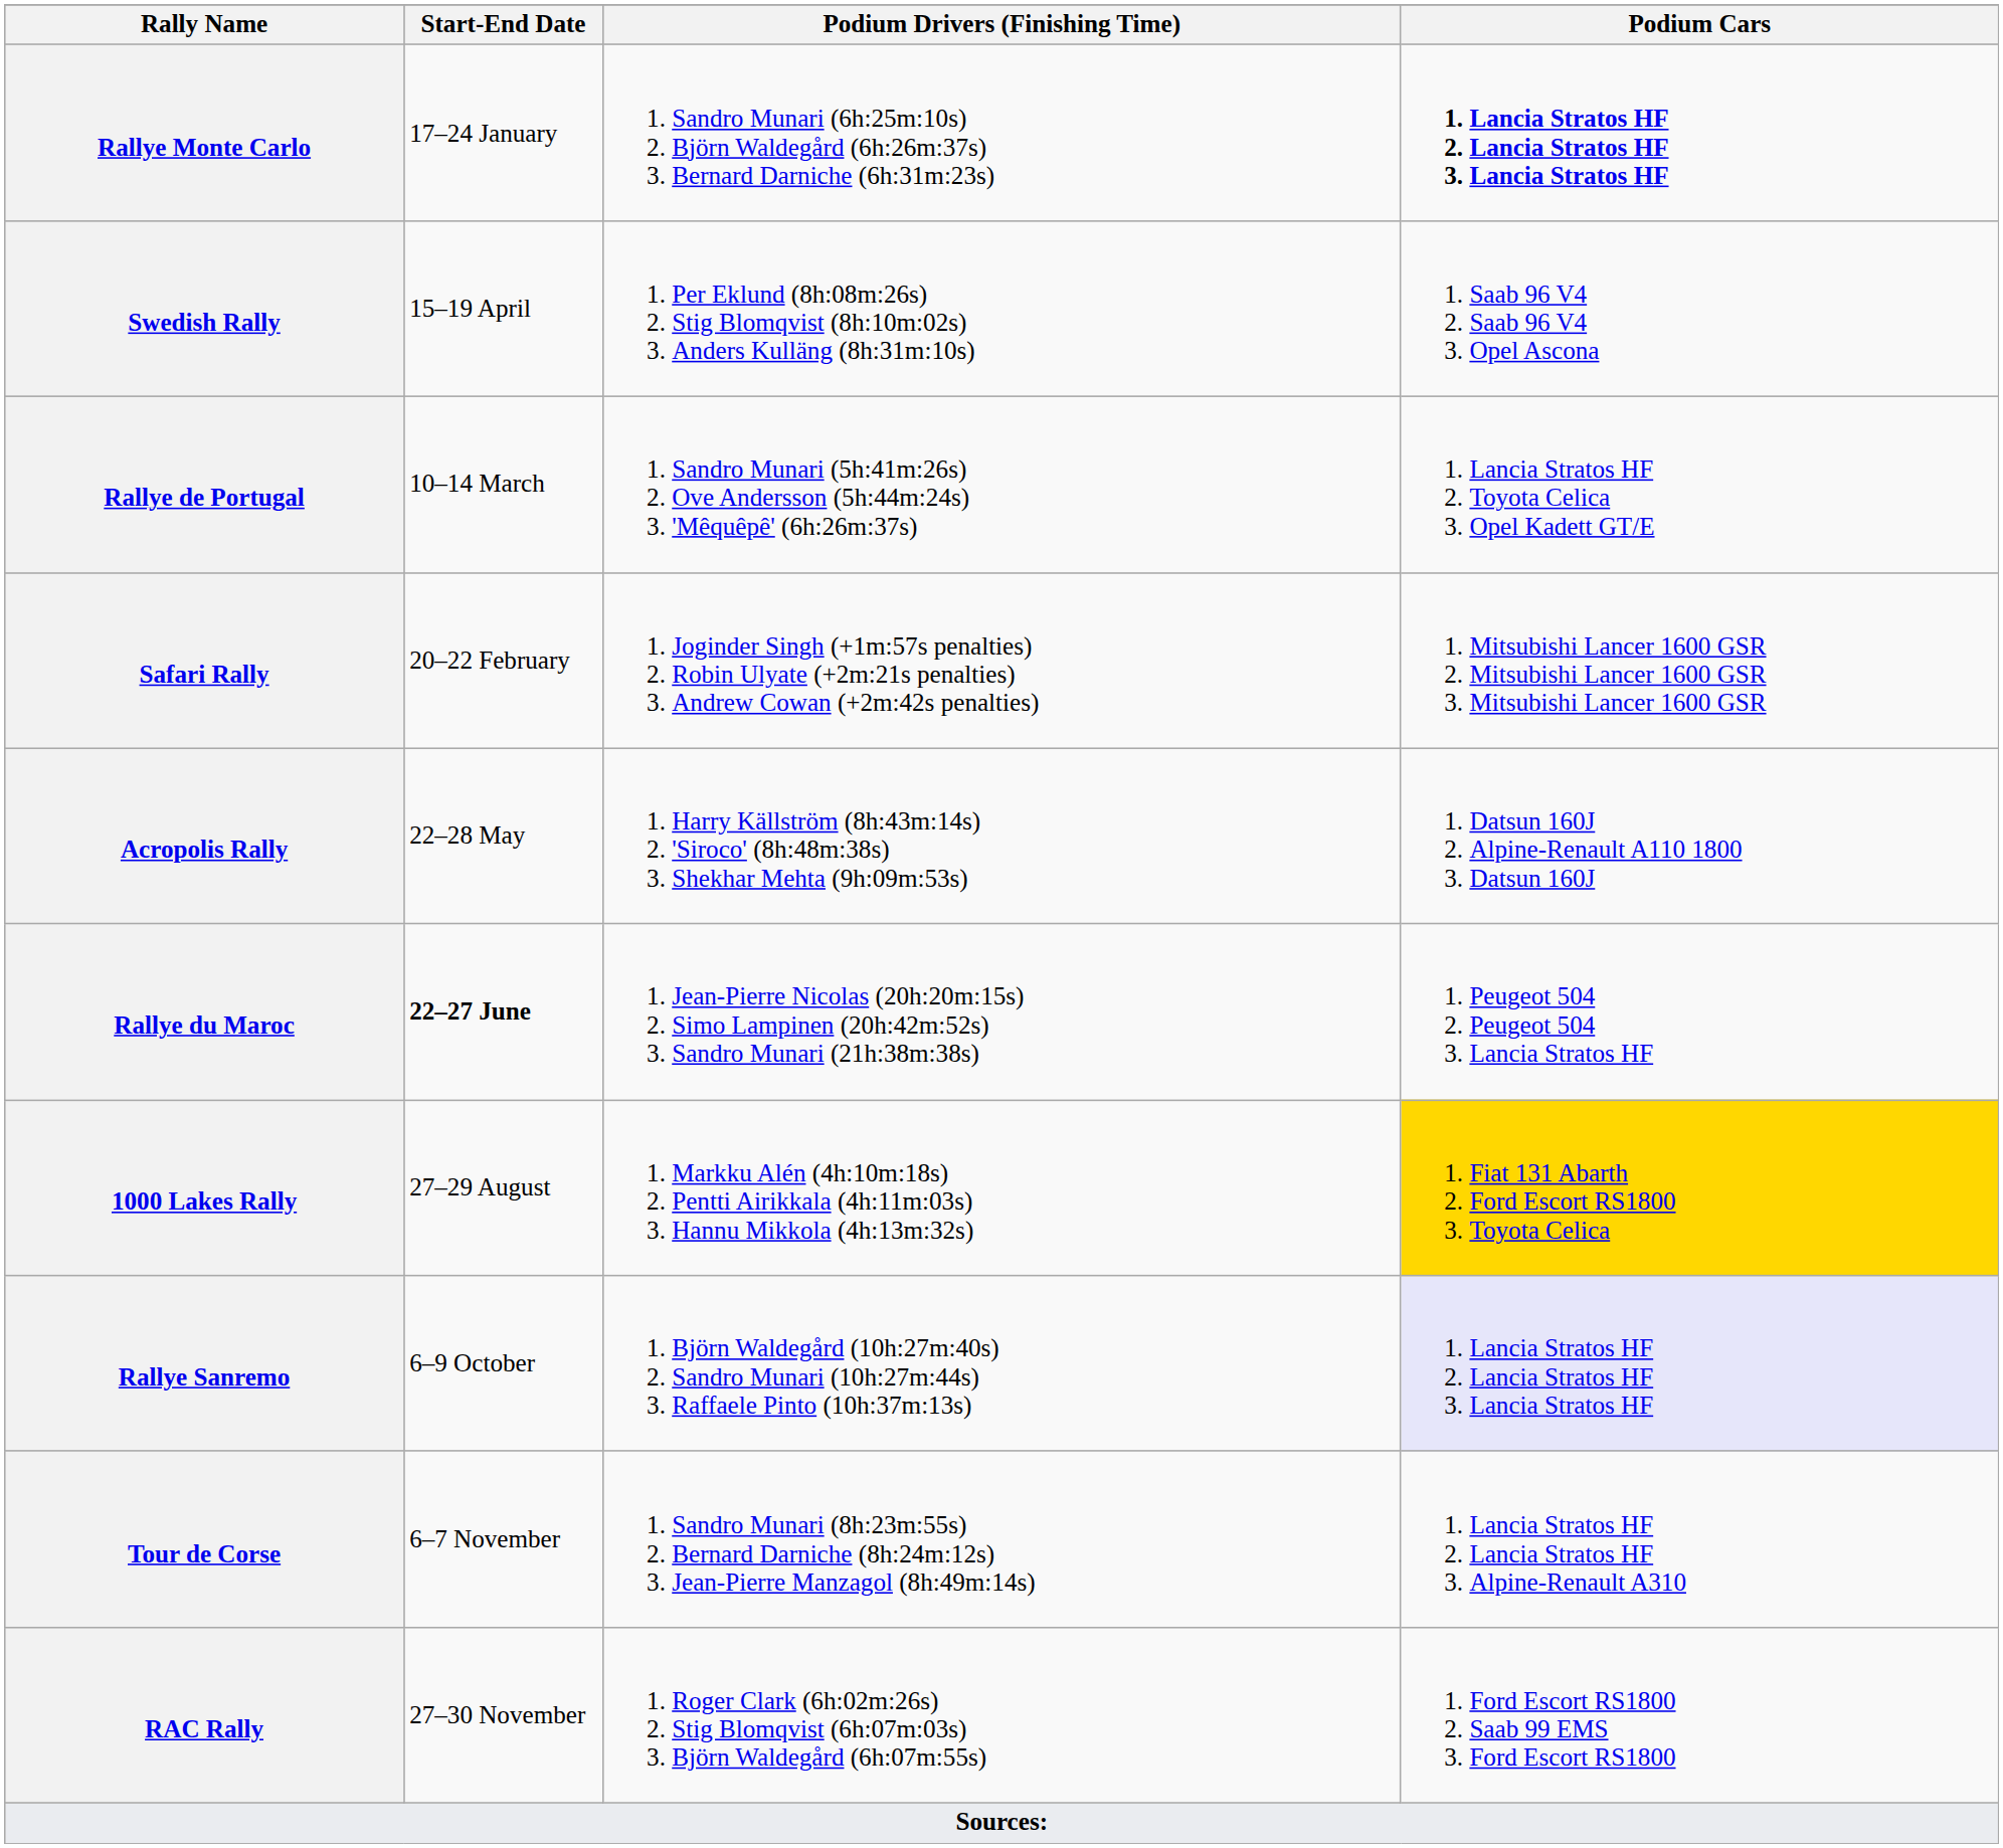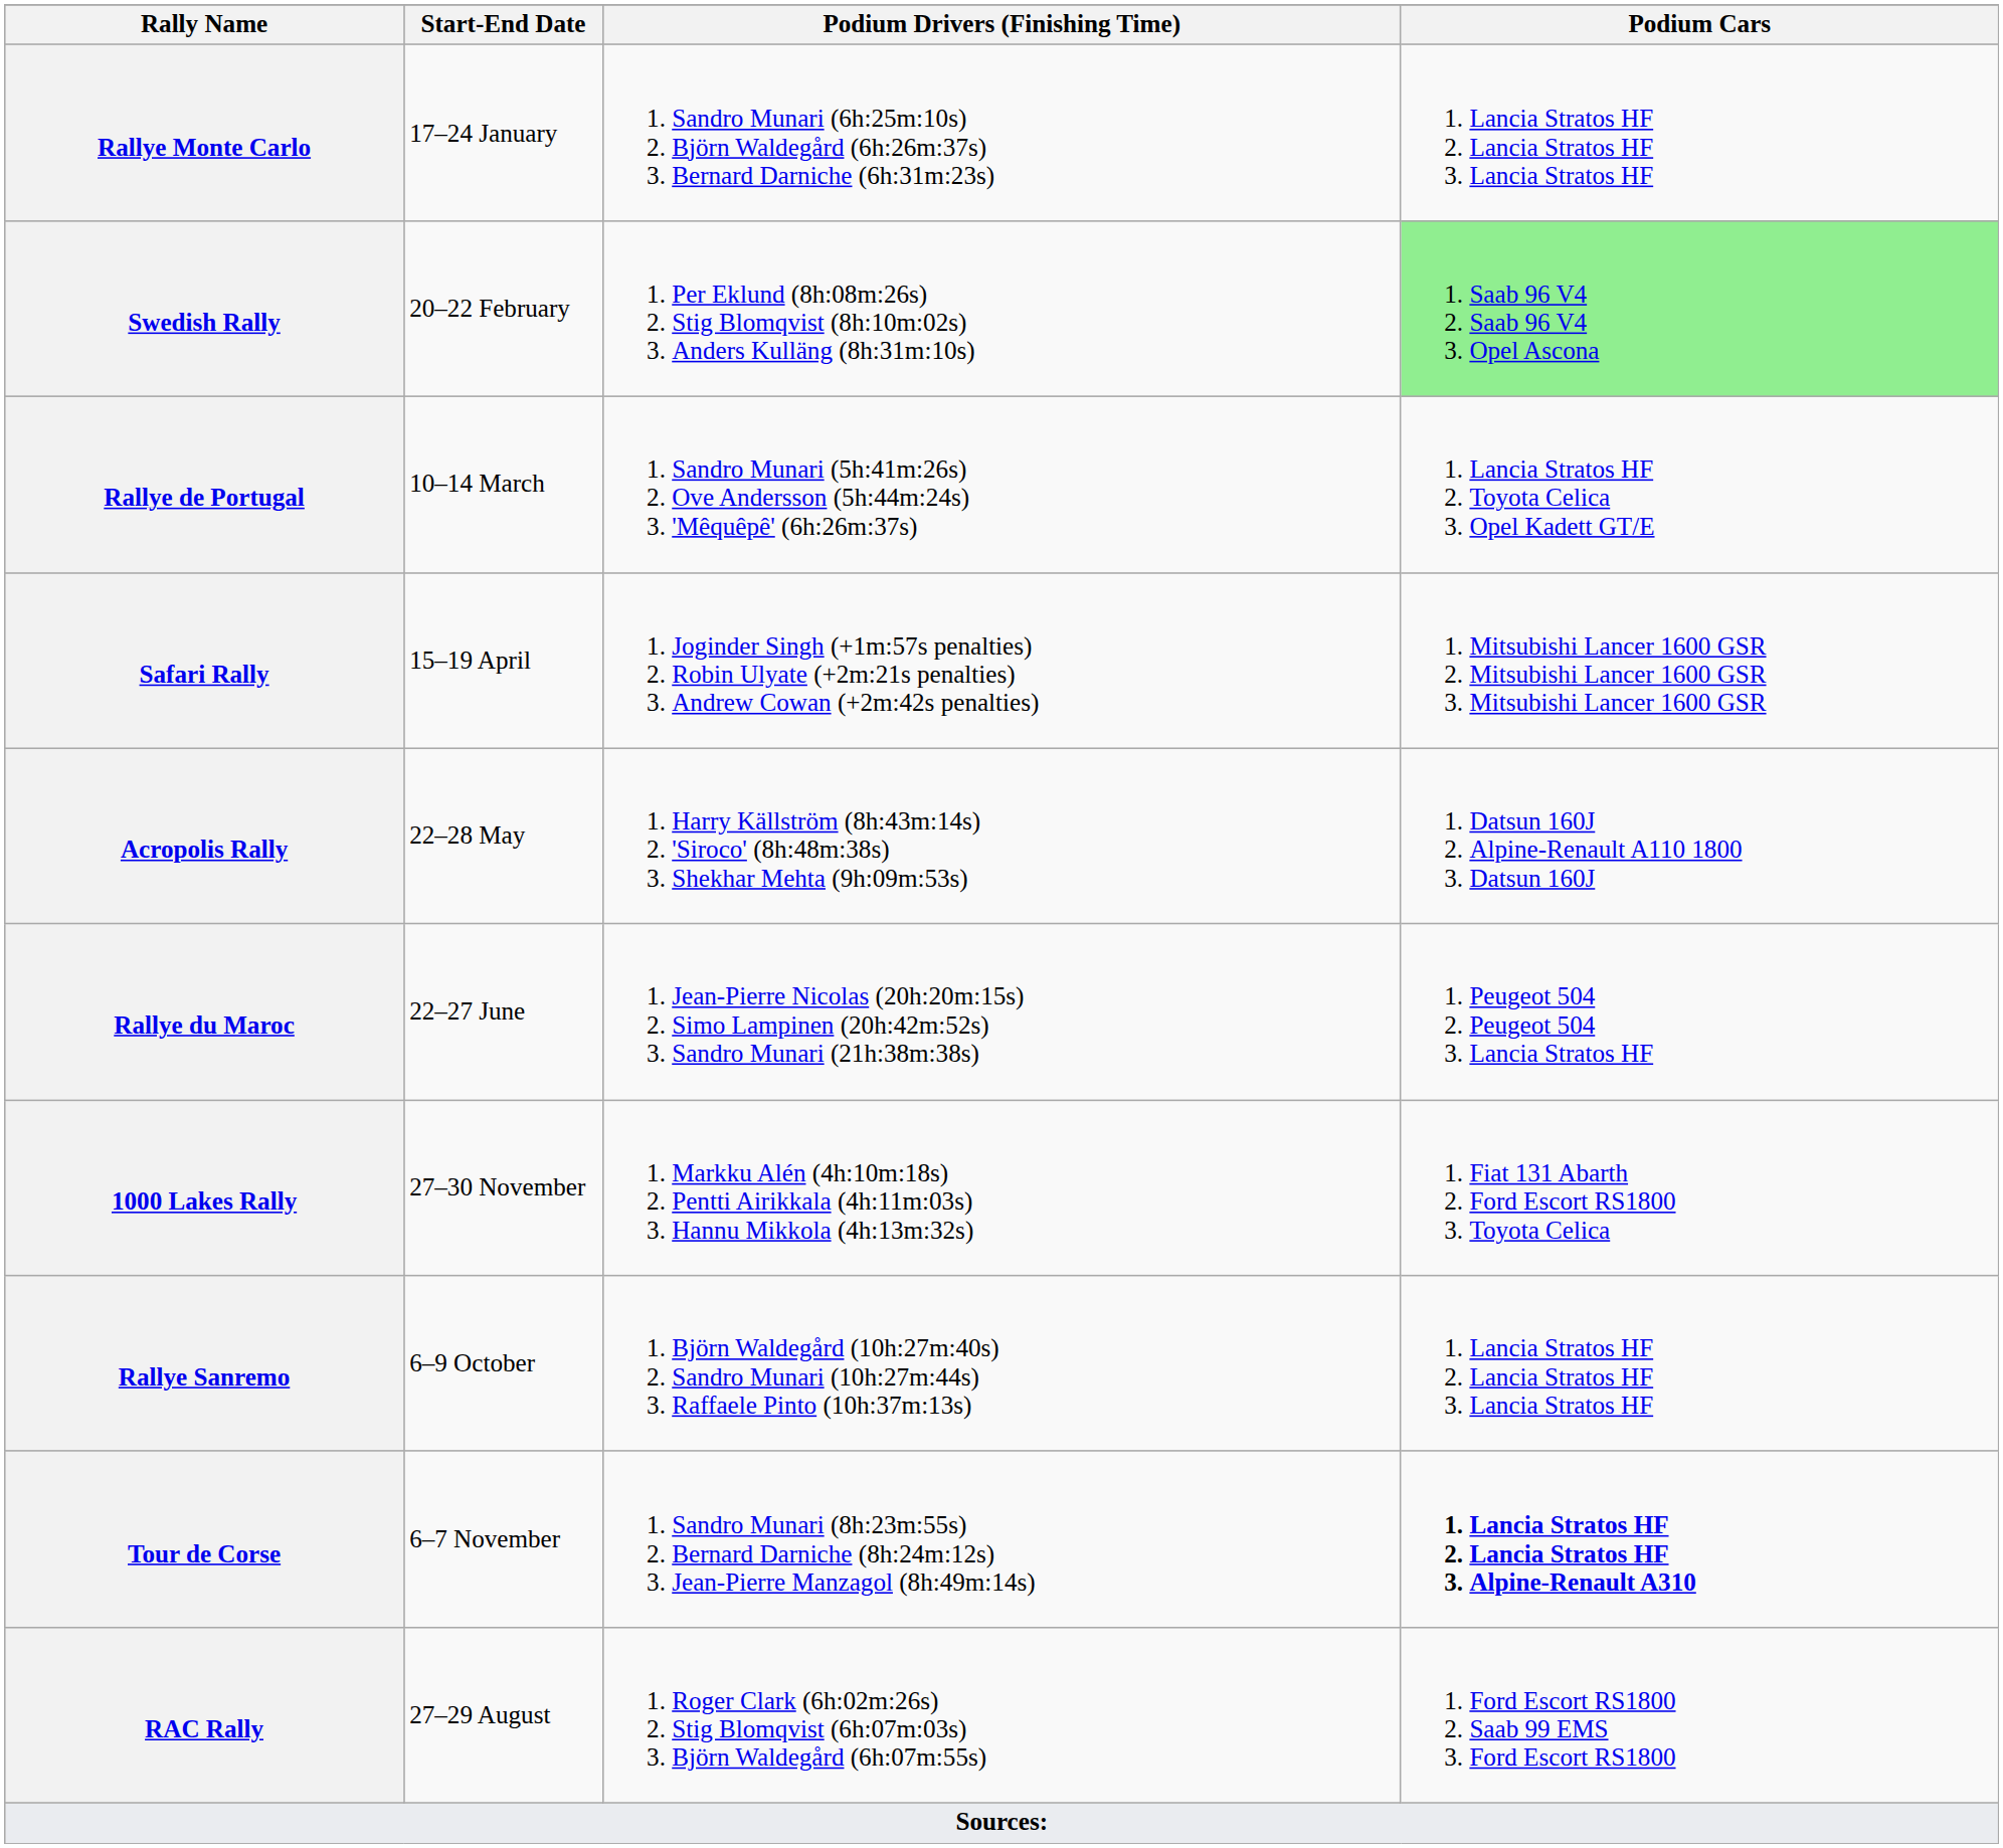 <table class="wikitable" width="100%" align=center>
 <tr>
 </tr>
 <tr style="background:#efefef;">
 <th colspan=1 width=20%>Rally Name</th>
 <th colspan=1 width=10%>Start-End Date</th>
 <th colspan=1 width=40%>Podium Drivers (Finishing Time)</th>
 <th colspan=1 width=30%>Podium Cars</th>
 </tr>
 <tr>
 <th><br><a href='#'>Rallye Monte Carlo</a></th>
 <td>17–24 January</td>
 <td><br><ol><li> <a href='#'>Sandro Munari</a> (6h:25m:10s)</li><li> <a href='#'>Björn Waldegård</a> (6h:26m:37s)</li><li> <a href='#'>Bernard Darniche</a> (6h:31m:23s)</li></ol></td>
-<td><strong><br><ol><li><a href='#'>Lancia Stratos HF</a></li><li><a href='#'>Lancia Stratos HF</a></li><li><a href='#'>Lancia Stratos HF</a></li></ol></strong></td>
+<td><br><ol><li><a href='#'>Lancia Stratos HF</a></li><li><a href='#'>Lancia Stratos HF</a></li><li><a href='#'>Lancia Stratos HF</a></li></ol></td>
 </tr>
 <tr>
 <th><br><a href='#'>Swedish Rally</a></th>
-<td>15–19 April</td>
+<td>20–22 February</td>
 <td><br><ol><li> <a href='#'>Per Eklund</a> (8h:08m:26s)</li><li> <a href='#'>Stig Blomqvist</a> (8h:10m:02s)</li><li> <a href='#'>Anders Kulläng</a> (8h:31m:10s)</li></ol></td>
-<td><br><ol><li><a href='#'>Saab 96 V4</a></li><li><a href='#'>Saab 96 V4</a></li><li><a href='#'>Opel Ascona</a></li></ol></td>
+<td style="background: lightgreen;"><br><ol><li><a href='#'>Saab 96 V4</a></li><li><a href='#'>Saab 96 V4</a></li><li><a href='#'>Opel Ascona</a></li></ol></td>
 </tr>
 <tr>
 <th><br><a href='#'>Rallye de Portugal</a></th>
 <td>10–14 March</td>
 <td><br><ol><li> <a href='#'>Sandro Munari</a> (5h:41m:26s)</li><li> <a href='#'>Ove Andersson</a> (5h:44m:24s)</li><li> <a href='#'>'Mêquêpê'</a> (6h:26m:37s)</li></ol></td>
 <td><br><ol><li><a href='#'>Lancia Stratos HF</a></li><li><a href='#'>Toyota Celica</a></li><li><a href='#'>Opel Kadett GT/E</a></li></ol></td>
 </tr>
 <tr>
 <th><br><a href='#'>Safari Rally</a></th>
-<td>20–22 February</td>
+<td>15–19 April</td>
 <td><br><ol><li> <a href='#'>Joginder Singh</a> (+1m:57s penalties)</li><li> <a href='#'>Robin Ulyate</a> (+2m:21s penalties)</li><li> <a href='#'>Andrew Cowan</a> (+2m:42s penalties)</li></ol></td>
 <td><br><ol><li><a href='#'>Mitsubishi Lancer 1600 GSR</a></li><li><a href='#'>Mitsubishi Lancer 1600 GSR</a></li><li><a href='#'>Mitsubishi Lancer 1600 GSR</a></li></ol></td>
 </tr>
 <tr>
 <th><br><a href='#'>Acropolis Rally</a></th>
 <td>22–28 May</td>
 <td><br><ol><li> <a href='#'>Harry Källström</a> (8h:43m:14s)</li><li> <a href='#'>'Siroco'</a> (8h:48m:38s)</li><li> <a href='#'>Shekhar Mehta</a> (9h:09m:53s)</li></ol></td>
 <td><br><ol><li><a href='#'>Datsun 160J</a></li><li><a href='#'>Alpine-Renault A110 1800</a></li><li><a href='#'>Datsun 160J</a></li></ol></td>
 </tr>
 <tr>
 <th><br><a href='#'>Rallye du Maroc</a></th>
-<td><strong>22–27 June</strong></td>
+<td>22–27 June</td>
 <td><br><ol><li> <a href='#'>Jean-Pierre Nicolas</a> (20h:20m:15s)</li><li> <a href='#'>Simo Lampinen</a> (20h:42m:52s)</li><li> <a href='#'>Sandro Munari</a> (21h:38m:38s)</li></ol></td>
 <td><br><ol><li><a href='#'>Peugeot 504</a></li><li><a href='#'>Peugeot 504</a></li><li><a href='#'>Lancia Stratos HF</a></li></ol></td>
 </tr>
 <tr>
 <th><br><a href='#'>1000 Lakes Rally</a></th>
-<td>27–29 August</td>
+<td>27–30 November</td>
 <td><br><ol><li> <a href='#'>Markku Alén</a> (4h:10m:18s)</li><li> <a href='#'>Pentti Airikkala</a> (4h:11m:03s)</li><li> <a href='#'>Hannu Mikkola</a> (4h:13m:32s)</li></ol></td>
-<td style="background: gold;"><br><ol><li><a href='#'>Fiat 131 Abarth</a></li><li><a href='#'>Ford Escort RS1800</a></li><li><a href='#'>Toyota Celica</a></li></ol></td>
+<td><br><ol><li><a href='#'>Fiat 131 Abarth</a></li><li><a href='#'>Ford Escort RS1800</a></li><li><a href='#'>Toyota Celica</a></li></ol></td>
 </tr>
 <tr>
 <th><br><a href='#'>Rallye Sanremo</a></th>
 <td>6–9 October</td>
 <td><br><ol><li> <a href='#'>Björn Waldegård</a> (10h:27m:40s)</li><li> <a href='#'>Sandro Munari</a> (10h:27m:44s)</li><li> <a href='#'>Raffaele Pinto</a> (10h:37m:13s)</li></ol></td>
-<td style="background: lavender;"><br><ol><li><a href='#'>Lancia Stratos HF</a></li><li><a href='#'>Lancia Stratos HF</a></li><li><a href='#'>Lancia Stratos HF</a></li></ol></td>
+<td><br><ol><li><a href='#'>Lancia Stratos HF</a></li><li><a href='#'>Lancia Stratos HF</a></li><li><a href='#'>Lancia Stratos HF</a></li></ol></td>
 </tr>
 <tr>
 <th><br><a href='#'>Tour de Corse</a></th>
 <td>6–7 November</td>
 <td><br><ol><li> <a href='#'>Sandro Munari</a> (8h:23m:55s)</li><li> <a href='#'>Bernard Darniche</a> (8h:24m:12s)</li><li> <a href='#'>Jean-Pierre Manzagol</a> (8h:49m:14s)</li></ol></td>
-<td><br><ol><li><a href='#'>Lancia Stratos HF</a></li><li><a href='#'>Lancia Stratos HF</a></li><li><a href='#'>Alpine-Renault A310</a></li></ol></td>
+<td><strong><br><ol><li><a href='#'>Lancia Stratos HF</a></li><li><a href='#'>Lancia Stratos HF</a></li><li><a href='#'>Alpine-Renault A310</a></li></ol></strong></td>
 </tr>
 <tr>
 <th><br><a href='#'>RAC Rally</a></th>
-<td>27–30 November</td>
+<td>27–29 August</td>
 <td><br><ol><li> <a href='#'>Roger Clark</a> (6h:02m:26s)</li><li> <a href='#'>Stig Blomqvist</a> (6h:07m:03s)</li><li> <a href='#'>Björn Waldegård</a> (6h:07m:55s)</li></ol></td>
 <td><br><ol><li><a href='#'>Ford Escort RS1800</a></li><li><a href='#'>Saab 99 EMS</a></li><li><a href='#'>Ford Escort RS1800</a></li></ol></td>
 </tr>
 <tr>
 <td colspan="10" style="background-color:#EAECF0;text-align:center"><strong>Sources:</strong></td>
 </tr>
 </table>
